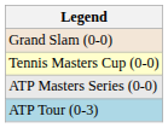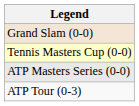 <table class="wikitable sortable">
 <tr>
 <th>Legend</th>
 </tr>
 <tr style="background:#f3e6d7;">
 <td>Grand Slam (0-0)</td>
 </tr>
 <tr style="background:#ffffcc;">
 <td>Tennis Masters Cup (0-0)</td>
 </tr>
 <tr style="background:#e9e9e9;">
 <td>ATP Masters Series (0-0)</td>
 </tr>
 <tr>
-<td style="background: lightblue;">ATP Tour (0-3)</td>
+<td>ATP Tour (0-3)</td>
 </tr>
 </table>
